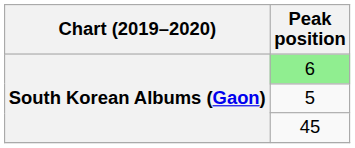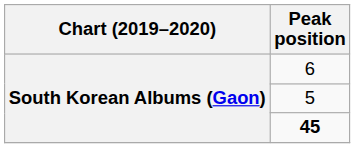 <table class="wikitable plainrowheaders" style="text-align:center">
 <tr>
 <th>Chart (2019–2020)</th>
 <th>Peak<br>position</th>
 </tr>
 <tr>
 <th scope="row" rowspan=3>South Korean Albums (<a href='#'>Gaon</a>)</th>
-<td style="background: lightgreen;">6</td>
+<td>6</td>
 </tr>
 <tr>
 <td>5</td>
 </tr>
 <tr>
-<td>45</td>
+<td><strong>45</strong></td>
 </tr>
 <tr>
 </tr>
 </table>
